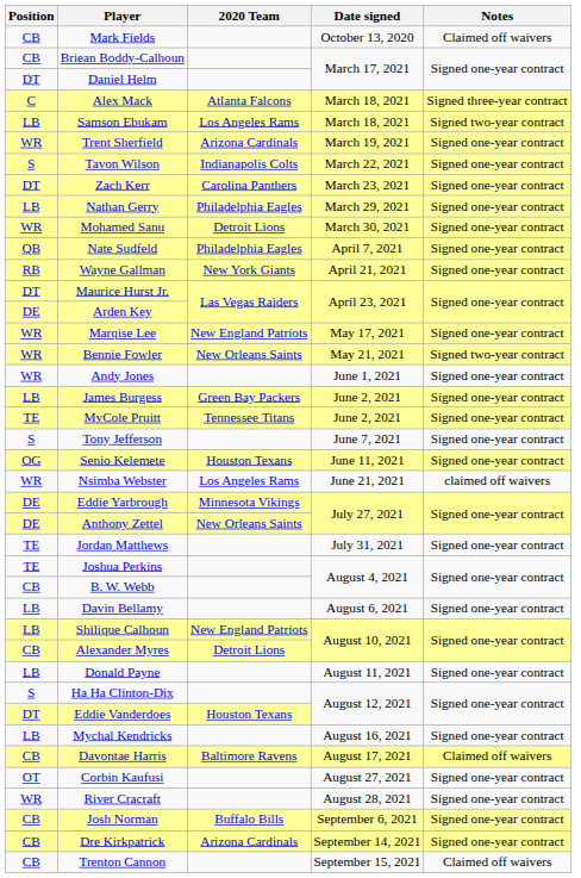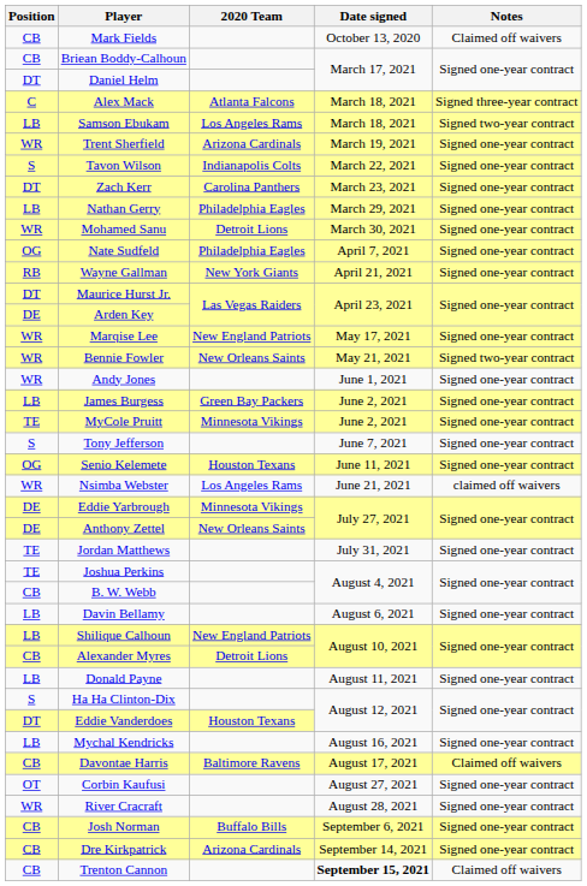 <table class="sortable wikitable" style="text-align:center">
 <tr>
 <th>Position</th>
 <th>Player</th>
 <th>2020 Team</th>
 <th>Date signed</th>
 <th>Notes</th>
 </tr>
 <tr>
 <td><a href='#'>CB</a></td>
 <td><a href='#'>Mark Fields</a></td>
 <td></td>
 <td>October 13, 2020</td>
 <td>Claimed off waivers</td>
 </tr>
 <tr>
 <td><a href='#'>CB</a></td>
 <td><a href='#'>Briean Boddy-Calhoun</a></td>
 <td></td>
 <td rowspan=2>March 17, 2021</td>
 <td rowspan=2>Signed one-year contract</td>
 </tr>
 <tr>
 <td><a href='#'>DT</a></td>
 <td><a href='#'>Daniel Helm</a></td>
 <td></td>
 </tr>
 <tr style="background:#ff9">
 <td><a href='#'>C</a></td>
 <td><a href='#'>Alex Mack</a></td>
 <td><a href='#'>Atlanta Falcons</a></td>
 <td>March 18, 2021</td>
 <td>Signed three-year contract</td>
 </tr>
 <tr style="background:#ff9">
 <td><a href='#'>LB</a></td>
 <td><a href='#'>Samson Ebukam</a></td>
 <td><a href='#'>Los Angeles Rams</a></td>
 <td>March 18, 2021</td>
 <td>Signed two-year contract</td>
 </tr>
 <tr style="background:#ff9">
 <td><a href='#'>WR</a></td>
 <td><a href='#'>Trent Sherfield</a></td>
 <td><a href='#'>Arizona Cardinals</a></td>
 <td>March 19, 2021</td>
 <td>Signed one-year contract</td>
 </tr>
 <tr style="background:#ff9">
 <td><a href='#'>S</a></td>
 <td><a href='#'>Tavon Wilson</a></td>
 <td><a href='#'>Indianapolis Colts</a></td>
 <td>March 22, 2021</td>
 <td>Signed one-year contract</td>
 </tr>
 <tr style="background:#ff9">
 <td><a href='#'>DT</a></td>
 <td><a href='#'>Zach Kerr</a></td>
 <td><a href='#'>Carolina Panthers</a></td>
 <td>March 23, 2021</td>
 <td>Signed one-year contract</td>
 </tr>
 <tr style="background:#ff9">
 <td><a href='#'>LB</a></td>
 <td><a href='#'>Nathan Gerry</a></td>
 <td><a href='#'>Philadelphia Eagles</a></td>
 <td>March 29, 2021</td>
 <td>Signed one-year contract</td>
 </tr>
 <tr style="background:#ff9">
 <td><a href='#'>WR</a></td>
 <td><a href='#'>Mohamed Sanu</a></td>
 <td><a href='#'>Detroit Lions</a></td>
 <td>March 30, 2021</td>
 <td>Signed one-year contract</td>
 </tr>
 <tr style="background:#ff9">
-<td><a href='#'>QB</a></td>
+<td><a href='#'>OG</a></td>
 <td><a href='#'>Nate Sudfeld</a></td>
 <td><a href='#'>Philadelphia Eagles</a></td>
 <td>April 7, 2021</td>
 <td>Signed one-year contract</td>
 </tr>
 <tr style="background:#ff9">
 <td><a href='#'>RB</a></td>
 <td><a href='#'>Wayne Gallman</a></td>
 <td><a href='#'>New York Giants</a></td>
 <td>April 21, 2021</td>
 <td>Signed one-year contract</td>
 </tr>
 <tr style="background:#ff9">
 <td><a href='#'>DT</a></td>
 <td><a href='#'>Maurice Hurst Jr.</a></td>
 <td rowspan=2><a href='#'>Las Vegas Raiders</a></td>
 <td rowspan=2>April 23, 2021</td>
 <td rowspan=2>Signed one-year contract</td>
 </tr>
 <tr style="background:#ff9">
 <td><a href='#'>DE</a></td>
 <td><a href='#'>Arden Key</a></td>
 </tr>
 <tr style="background:#ff9">
 <td><a href='#'>WR</a></td>
 <td><a href='#'>Marqise Lee</a></td>
 <td><a href='#'>New England Patriots</a></td>
 <td>May 17, 2021</td>
 <td>Signed one-year contract</td>
 </tr>
 <tr style="background:#ff9">
 <td><a href='#'>WR</a></td>
 <td><a href='#'>Bennie Fowler</a></td>
 <td><a href='#'>New Orleans Saints</a></td>
 <td>May 21, 2021</td>
 <td>Signed two-year contract</td>
 </tr>
 <tr>
 <td><a href='#'>WR</a></td>
 <td><a href='#'>Andy Jones</a></td>
 <td></td>
 <td>June 1, 2021</td>
 <td>Signed one-year contract</td>
 </tr>
 <tr style="background:#ff9">
 <td><a href='#'>LB</a></td>
 <td><a href='#'>James Burgess</a></td>
 <td><a href='#'>Green Bay Packers</a></td>
 <td>June 2, 2021</td>
 <td>Signed one-year contract</td>
 </tr>
 <tr style="background:#ff9">
 <td><a href='#'>TE</a></td>
 <td><a href='#'>MyCole Pruitt</a></td>
-<td><a href='#'>Tennessee Titans</a></td>
+<td><a href='#'>Minnesota Vikings</a></td>
 <td>June 2, 2021</td>
 <td>Signed one-year contract</td>
 </tr>
 <tr>
 <td><a href='#'>S</a></td>
 <td><a href='#'>Tony Jefferson</a></td>
 <td></td>
 <td>June 7, 2021</td>
 <td>Signed one-year contract</td>
 </tr>
 <tr style="background:#ff9">
 <td><a href='#'>OG</a></td>
 <td><a href='#'>Senio Kelemete</a></td>
 <td><a href='#'>Houston Texans</a></td>
 <td>June 11, 2021</td>
 <td>Signed one-year contract</td>
 </tr>
 <tr>
 <td><a href='#'>WR</a></td>
 <td><a href='#'>Nsimba Webster</a></td>
 <td><a href='#'>Los Angeles Rams</a></td>
 <td>June 21, 2021</td>
 <td>claimed off waivers</td>
 </tr>
 <tr style="background:#ff9">
 <td><a href='#'>DE</a></td>
 <td><a href='#'>Eddie Yarbrough</a></td>
 <td><a href='#'>Minnesota Vikings</a></td>
 <td rowspan=2>July 27, 2021</td>
 <td rowspan=2>Signed one-year contract</td>
 </tr>
 <tr style="background:#ff9">
 <td><a href='#'>DE</a></td>
 <td><a href='#'>Anthony Zettel</a></td>
 <td><a href='#'>New Orleans Saints</a></td>
 </tr>
 <tr>
 <td><a href='#'>TE</a></td>
 <td><a href='#'>Jordan Matthews</a></td>
 <td></td>
 <td>July 31, 2021</td>
 <td>Signed one-year contract</td>
 </tr>
 <tr>
 <td><a href='#'>TE</a></td>
 <td><a href='#'>Joshua Perkins</a></td>
 <td></td>
 <td rowspan=2>August 4, 2021</td>
 <td rowspan=2>Signed one-year contract</td>
 </tr>
 <tr>
 <td><a href='#'>CB</a></td>
 <td><a href='#'>B. W. Webb</a></td>
 <td></td>
 </tr>
 <tr>
 <td><a href='#'>LB</a></td>
 <td><a href='#'>Davin Bellamy</a></td>
 <td></td>
 <td>August 6, 2021</td>
 <td>Signed one-year contract</td>
 </tr>
 <tr style="background:#ff9">
 <td><a href='#'>LB</a></td>
 <td><a href='#'>Shilique Calhoun</a></td>
 <td><a href='#'>New England Patriots</a></td>
 <td rowspan=2>August 10, 2021</td>
 <td rowspan=2>Signed one-year contract</td>
 </tr>
 <tr style="background:#ff9">
 <td><a href='#'>CB</a></td>
 <td><a href='#'>Alexander Myres</a></td>
 <td><a href='#'>Detroit Lions</a></td>
 </tr>
 <tr>
 <td><a href='#'>LB</a></td>
 <td><a href='#'>Donald Payne</a></td>
 <td></td>
 <td>August 11, 2021</td>
 <td>Signed one-year contract</td>
 </tr>
 <tr>
 <td><a href='#'>S</a></td>
 <td><a href='#'>Ha Ha Clinton-Dix</a></td>
 <td></td>
 <td rowspan=2>August 12, 2021</td>
 <td rowspan=2>Signed one-year contract</td>
 </tr>
 <tr style="background:#ff9">
 <td><a href='#'>DT</a></td>
 <td><a href='#'>Eddie Vanderdoes</a></td>
 <td><a href='#'>Houston Texans</a></td>
 </tr>
 <tr>
 <td><a href='#'>LB</a></td>
 <td><a href='#'>Mychal Kendricks</a></td>
 <td></td>
 <td>August 16, 2021</td>
 <td>Signed one-year contract</td>
 </tr>
 <tr style="background:#ff9">
 <td><a href='#'>CB</a></td>
 <td><a href='#'>Davontae Harris</a></td>
 <td><a href='#'>Baltimore Ravens</a></td>
 <td>August 17, 2021</td>
 <td>Claimed off waivers</td>
 </tr>
 <tr>
 <td><a href='#'>OT</a></td>
 <td><a href='#'>Corbin Kaufusi</a></td>
 <td></td>
 <td>August 27, 2021</td>
 <td>Signed one-year contract</td>
 </tr>
 <tr>
 <td><a href='#'>WR</a></td>
 <td><a href='#'>River Cracraft</a></td>
 <td></td>
 <td>August 28, 2021</td>
 <td>Signed one-year contract</td>
 </tr>
 <tr style="background:#ff9">
 <td><a href='#'>CB</a></td>
 <td><a href='#'>Josh Norman</a></td>
 <td><a href='#'>Buffalo Bills</a></td>
 <td>September 6, 2021</td>
 <td>Signed one-year contract</td>
 </tr>
 <tr style="background:#ff9">
 <td><a href='#'>CB</a></td>
 <td><a href='#'>Dre Kirkpatrick</a></td>
 <td><a href='#'>Arizona Cardinals</a></td>
 <td>September 14, 2021</td>
 <td>Signed one-year contract</td>
 </tr>
 <tr>
 <td><a href='#'>CB</a></td>
 <td><a href='#'>Trenton Cannon</a></td>
 <td></td>
-<td>September 15, 2021</td>
+<td><strong>September 15, 2021</strong></td>
 <td>Claimed off waivers</td>
 </tr>
 </table>
